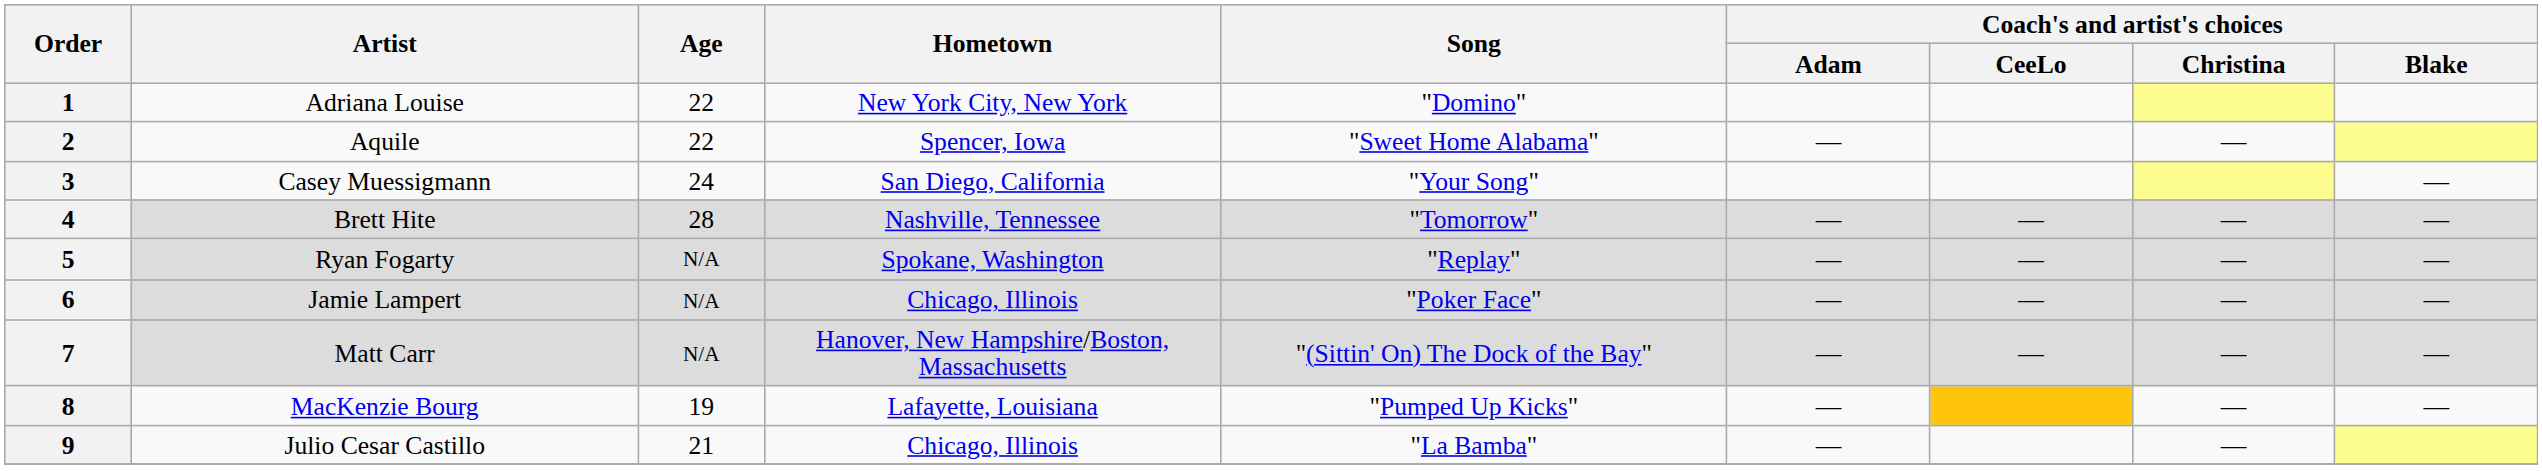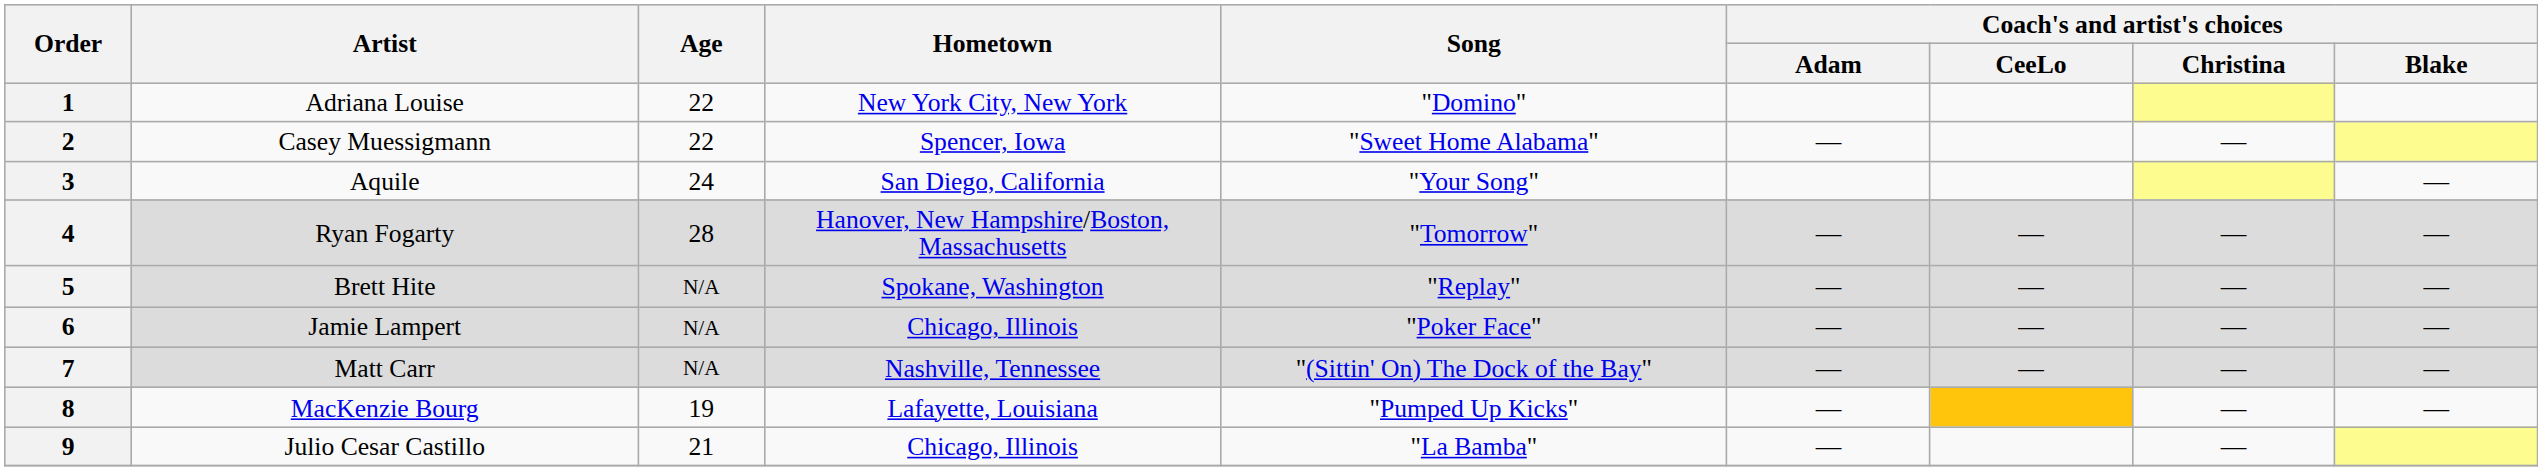 <table class="wikitable" style="text-align:center; line-height:17px; width:100%;">
 <tr>
 <th scope="col" rowspan="2" width="05%">Order</th>
 <th scope="col" rowspan="2" width="20%">Artist</th>
 <th scope="col" rowspan="2" width="05%">Age</th>
 <th scope="col" rowspan="2" width="18%">Hometown</th>
 <th scope="col" rowspan="2" width="20%">Song</th>
 <th scope="col" colspan="4" width="32%">Coach's and artist's choices</th>
 </tr>
 <tr>
 <th width="08%">Adam</th>
 <th width="08%">CeeLo</th>
 <th width="08%">Christina</th>
 <th width="08%">Blake</th>
 </tr>
 <tr>
 <th>1</th>
 <td>Adriana Louise</td>
 <td>22</td>
 <td><a href='#'>New York City, New York</a></td>
 <td>"<a href='#'>Domino</a>"</td>
 <td><strong></strong></td>
 <td><strong></strong></td>
 <td style="background:#fdfc8f;"><strong></strong></td>
 <td><strong></strong></td>
 </tr>
 <tr>
 <th>2</th>
-<td>Aquile</td>
+<td>Casey Muessigmann</td>
 <td>22</td>
 <td><a href='#'>Spencer, Iowa</a></td>
 <td>"<a href='#'>Sweet Home Alabama</a>"</td>
 <td>—</td>
 <td><strong></strong></td>
 <td>—</td>
 <td style="background:#fdfc8f;"><strong></strong></td>
 </tr>
 <tr>
 <th>3</th>
-<td>Casey Muessigmann</td>
+<td>Aquile</td>
 <td>24</td>
 <td><a href='#'>San Diego, California</a></td>
 <td>"<a href='#'>Your Song</a>"</td>
 <td><strong></strong></td>
 <td><strong></strong></td>
 <td style="background:#fdfc8f;"><strong></strong></td>
 <td>—</td>
 </tr>
 <tr>
 <th>4</th>
-<td style="background:#DCDCDC;">Brett Hite</td>
+<td style="background:#DCDCDC;">Ryan Fogarty</td>
 <td style="background:#DCDCDC;">28</td>
-<td style="background:#DCDCDC;"><a href='#'>Nashville, Tennessee</a></td>
+<td style="background:#DCDCDC;"><a href='#'>Hanover, New Hampshire</a>/<a href='#'>Boston, Massachusetts</a></td>
 <td style="background:#DCDCDC;">"<a href='#'>Tomorrow</a>"</td>
 <td style="background:#DCDCDC;">—</td>
 <td style="background:#DCDCDC;">—</td>
 <td style="background:#DCDCDC;">—</td>
 <td style="background:#DCDCDC;">—</td>
 </tr>
 <tr>
 <th>5</th>
-<td style="background:#DCDCDC;">Ryan Fogarty</td>
+<td style="background:#DCDCDC;">Brett Hite</td>
 <td style="background:#DCDCDC;"><small>N/A</small></td>
 <td style="background:#DCDCDC;"><a href='#'>Spokane, Washington</a></td>
 <td style="background:#DCDCDC;">"<a href='#'>Replay</a>"</td>
 <td style="background:#DCDCDC;">—</td>
 <td style="background:#DCDCDC;">—</td>
 <td style="background:#DCDCDC;">—</td>
 <td style="background:#DCDCDC;">—</td>
 </tr>
 <tr>
 <th>6</th>
 <td style="background:#DCDCDC;">Jamie Lampert</td>
 <td style="background:#DCDCDC;"><small>N/A</small></td>
 <td style="background:#DCDCDC;"><a href='#'>Chicago, Illinois</a></td>
 <td style="background:#DCDCDC;">"<a href='#'>Poker Face</a>"</td>
 <td style="background:#DCDCDC;">—</td>
 <td style="background:#DCDCDC;">—</td>
 <td style="background:#DCDCDC;">—</td>
 <td style="background:#DCDCDC;">—</td>
 </tr>
 <tr>
 <th>7</th>
 <td style="background:#DCDCDC;">Matt Carr</td>
 <td style="background:#DCDCDC;"><small>N/A</small></td>
-<td style="background:#DCDCDC;"><a href='#'>Hanover, New Hampshire</a>/<a href='#'>Boston, Massachusetts</a></td>
+<td style="background:#DCDCDC;"><a href='#'>Nashville, Tennessee</a></td>
 <td style="background:#DCDCDC;">"<a href='#'>(Sittin' On) The Dock of the Bay</a>"</td>
 <td style="background:#DCDCDC;">—</td>
 <td style="background:#DCDCDC;">—</td>
 <td style="background:#DCDCDC;">—</td>
 <td style="background:#DCDCDC;">—</td>
 </tr>
 <tr>
 <th>8</th>
 <td><a href='#'>MacKenzie Bourg</a></td>
 <td>19</td>
 <td><a href='#'>Lafayette, Louisiana</a></td>
 <td>"<a href='#'>Pumped Up Kicks</a>"</td>
 <td>—</td>
 <td style="background:#FFC40C;"><strong></strong></td>
 <td>—</td>
 <td>—</td>
 </tr>
 <tr>
 <th>9</th>
 <td>Julio Cesar Castillo</td>
 <td>21</td>
 <td><a href='#'>Chicago, Illinois</a></td>
 <td>"<a href='#'>La Bamba</a>"</td>
 <td>—</td>
 <td><strong></strong></td>
 <td>—</td>
 <td style="background:#fdfc8f;"><strong></strong></td>
 </tr>
 <tr>
 </tr>
 </table>
